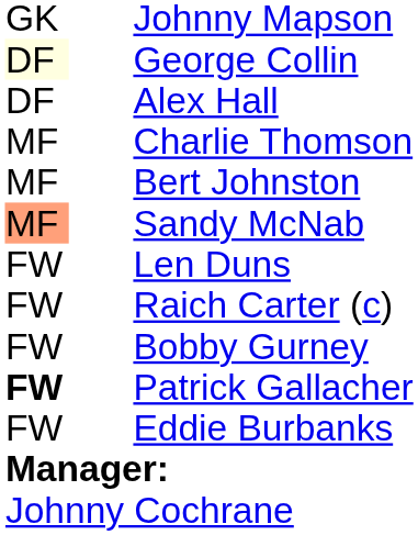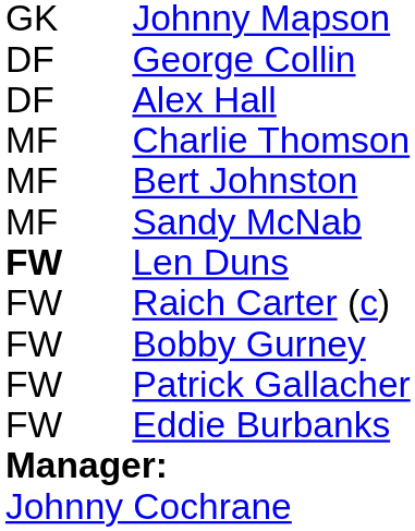 <table style="font-size:90%; margin:0.2em auto;" cellspacing="0" cellpadding="0">
 <tr>
 <th width="25"></th>
 <th width="25"></th>
 </tr>
 <tr>
 <td>GK</td>
 <td><strong> </strong></td>
 <td> <a href='#'>Johnny Mapson</a></td>
 </tr>
 <tr>
-<td style="background: lightyellow;">DF</td>
+<td>DF</td>
 <td><strong> </strong></td>
 <td> <a href='#'>George Collin</a></td>
 </tr>
 <tr>
 <td>DF</td>
 <td><strong> </strong></td>
 <td> <a href='#'>Alex Hall</a></td>
 </tr>
 <tr>
 <td>MF</td>
 <td><strong> </strong></td>
 <td> <a href='#'>Charlie Thomson</a></td>
 </tr>
 <tr>
 <td>MF</td>
 <td><strong> </strong></td>
 <td> <a href='#'>Bert Johnston</a></td>
 </tr>
 <tr>
-<td style="background: lightsalmon;">MF</td>
+<td>MF</td>
 <td><strong> </strong></td>
 <td> <a href='#'>Sandy McNab</a></td>
 </tr>
 <tr>
-<td>FW</td>
+<td><strong>FW</strong></td>
 <td><strong> </strong></td>
 <td> <a href='#'>Len Duns</a></td>
 </tr>
 <tr>
 <td>FW</td>
 <td><strong> </strong></td>
 <td> <a href='#'>Raich Carter</a> (<a href='#'>c</a>)</td>
 </tr>
 <tr>
 <td>FW</td>
 <td><strong> </strong></td>
 <td> <a href='#'>Bobby Gurney</a></td>
 </tr>
 <tr>
-<td><strong>FW</strong></td>
+<td>FW</td>
 <td><strong> </strong></td>
 <td> <a href='#'>Patrick Gallacher</a></td>
 </tr>
 <tr>
 <td>FW</td>
 <td><strong> </strong></td>
 <td> <a href='#'>Eddie Burbanks</a></td>
 </tr>
 <tr>
 <td colspan=3><strong>Manager:</strong></td>
 </tr>
 <tr>
 <td colspan=4> <a href='#'>Johnny Cochrane</a></td>
 </tr>
 </table>
